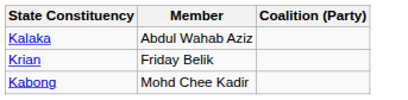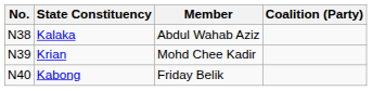 <table class="wikitable">
 <tr>
+<th>No.</th>
 <th>State Constituency</th>
 <th>Member</th>
 <th>Coalition (Party)</th>
 </tr>
 <tr>
+<td>N38</td>
 <td><a href='#'>Kalaka</a></td>
 <td>Abdul Wahab Aziz</td>
 <td></td>
 </tr>
 <tr>
+<td>N39</td>
 <td><a href='#'>Krian</a></td>
+<td>Mohd Chee Kadir</td>
+<td></td>
+</tr>
+<tr>
+<td>N40</td>
+<td><a href='#'>Kabong</a></td>
 <td>Friday Belik</td>
 <td></td>
 </tr>
-<tr>
-<td><a href='#'>Kabong</a></td>
-<td>Mohd Chee Kadir</td>
-<td></td>
-</tr>
 </table>
